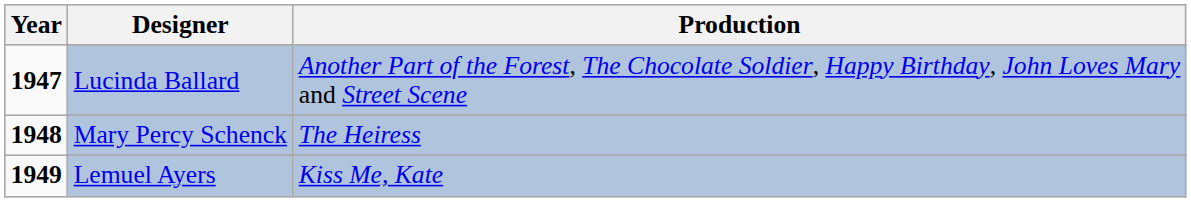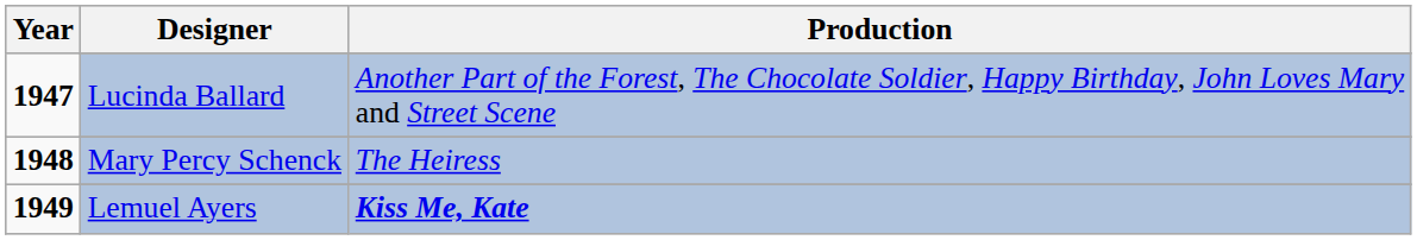 <table class="wikitable">
 <tr>
 <th><strong>Year</strong></th>
 <th><strong>Designer</strong></th>
 <th><strong>Production</strong></th>
 </tr>
 <tr>
 <td rowspan="2" align="center"><strong>1947</strong><br></td>
 </tr>
 <tr style="background:#B0C4DE">
 <td><a href='#'>Lucinda Ballard</a></td>
 <td><em><a href='#'>Another Part of the Forest</a></em>, <em><a href='#'>The Chocolate Soldier</a></em>, <em><a href='#'>Happy Birthday</a></em>, <em><a href='#'>John Loves Mary</a></em> <br>and <em><a href='#'>Street Scene</a></em></td>
 </tr>
 <tr>
 <td rowspan="2" align="center"><strong>1948</strong><br></td>
 </tr>
 <tr style="background:#B0C4DE">
 <td><a href='#'>Mary Percy Schenck</a></td>
 <td><em><a href='#'>The Heiress</a></em></td>
 </tr>
 <tr>
 <td rowspan="2" align="center"><strong>1949</strong><br></td>
 </tr>
 <tr style="background:#B0C4DE">
 <td><a href='#'>Lemuel Ayers</a></td>
-<td><em><a href='#'>Kiss Me, Kate</a></em></td>
+<td><strong><em><a href='#'>Kiss Me, Kate</a></em></strong></td>
 </tr>
 </table>
